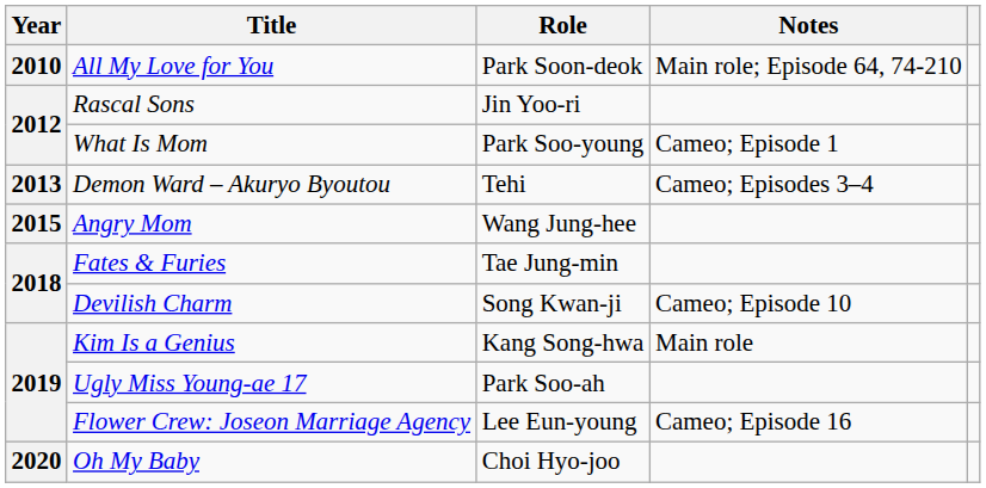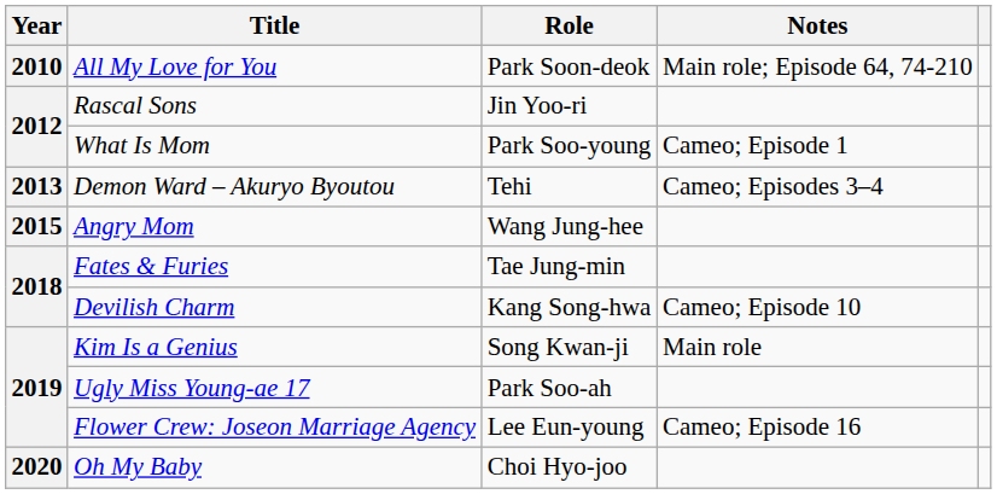 <table class="wikitable plainrowheaders sortable">
 <tr>
 <th scope="col">Year</th>
 <th scope="col">Title</th>
 <th scope="col">Role</th>
 <th scope="col" class="unsortable">Notes</th>
 <th scope="col" class="unsortable"></th>
 </tr>
 <tr>
 <th scope="row">2010</th>
 <td><em><a href='#'>All My Love for You</a></em></td>
 <td>Park Soon-deok</td>
 <td>Main role; Episode 64, 74-210</td>
 <td style="text-align:center"></td>
 </tr>
 <tr>
 <th scope="row" rowspan="2">2012</th>
 <td><em>Rascal Sons</em></td>
 <td>Jin Yoo-ri</td>
 <td></td>
 <td style="text-align:center"></td>
 </tr>
 <tr>
 <td><em>What Is Mom</em></td>
 <td>Park Soo-young</td>
 <td>Cameo; Episode 1</td>
 <td></td>
 </tr>
 <tr>
 <th scope="row">2013</th>
 <td><em>Demon Ward – Akuryo Byoutou</em></td>
 <td>Tehi</td>
 <td>Cameo; Episodes 3–4</td>
 <td style="text-align:center"></td>
 </tr>
 <tr>
 <th scope="row">2015</th>
 <td><em><a href='#'>Angry Mom</a></em></td>
 <td>Wang Jung-hee</td>
 <td></td>
 <td style="text-align:center"></td>
 </tr>
 <tr>
 <th scope="row" rowspan="2">2018</th>
 <td><em><a href='#'>Fates & Furies</a></em></td>
 <td>Tae Jung-min</td>
 <td></td>
 <td style="text-align:center"></td>
 </tr>
 <tr>
 <td><em><a href='#'>Devilish Charm</a></em></td>
-<td>Song Kwan-ji</td>
+<td>Kang Song-hwa</td>
 <td>Cameo; Episode 10</td>
 <td></td>
 </tr>
 <tr>
 <th scope="row" rowspan="3">2019</th>
 <td><em><a href='#'>Kim Is a Genius</a></em></td>
-<td>Kang Song-hwa</td>
+<td>Song Kwan-ji</td>
 <td>Main role</td>
 <td style="text-align:center"></td>
 </tr>
 <tr>
 <td><em><a href='#'>Ugly Miss Young-ae 17</a></em></td>
 <td>Park Soo-ah</td>
 <td></td>
 <td style="text-align:center"></td>
 </tr>
 <tr>
 <td><em><a href='#'>Flower Crew: Joseon Marriage Agency</a></em></td>
 <td>Lee Eun-young</td>
 <td>Cameo; Episode 16</td>
 <td></td>
 </tr>
 <tr>
 <th scope="row">2020</th>
 <td><em><a href='#'>Oh My Baby</a></em></td>
 <td>Choi Hyo-joo</td>
 <td></td>
 <td style="text-align:center"></td>
 </tr>
 </table>
